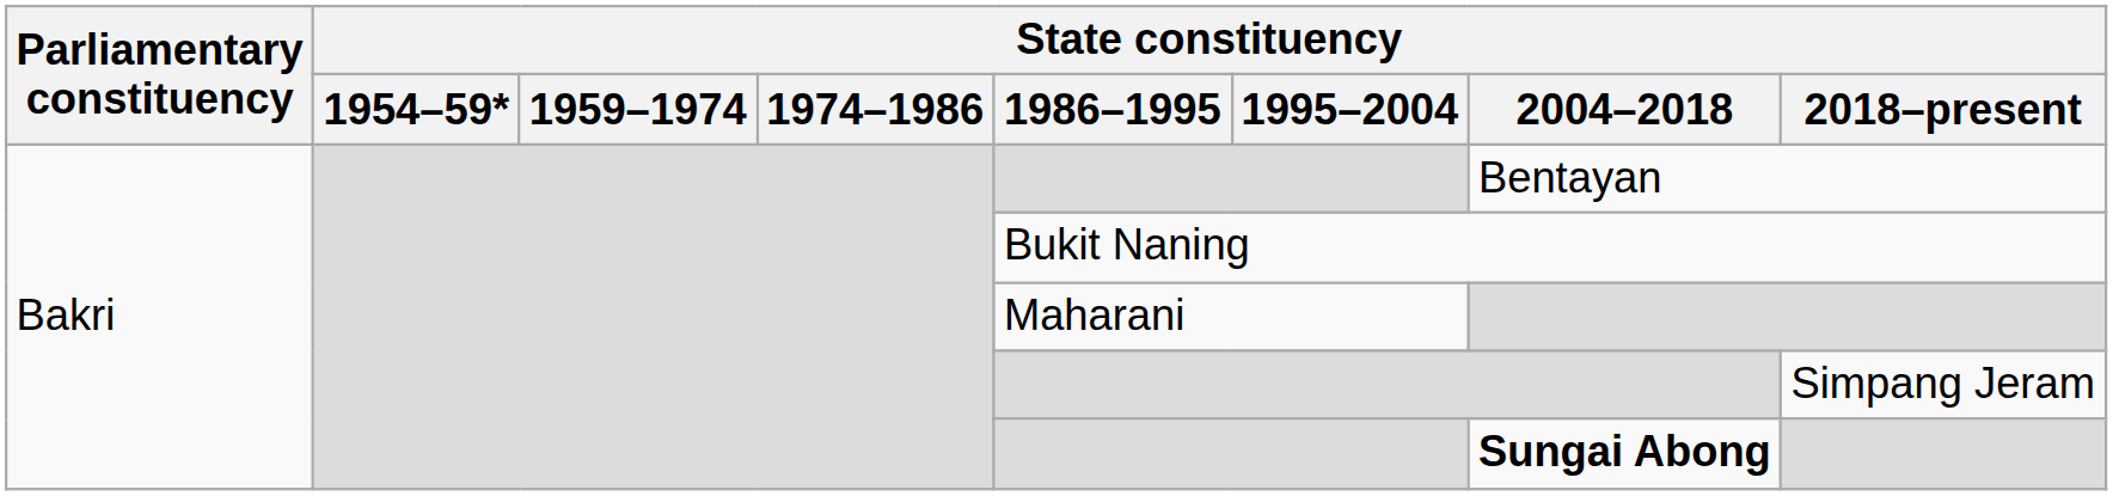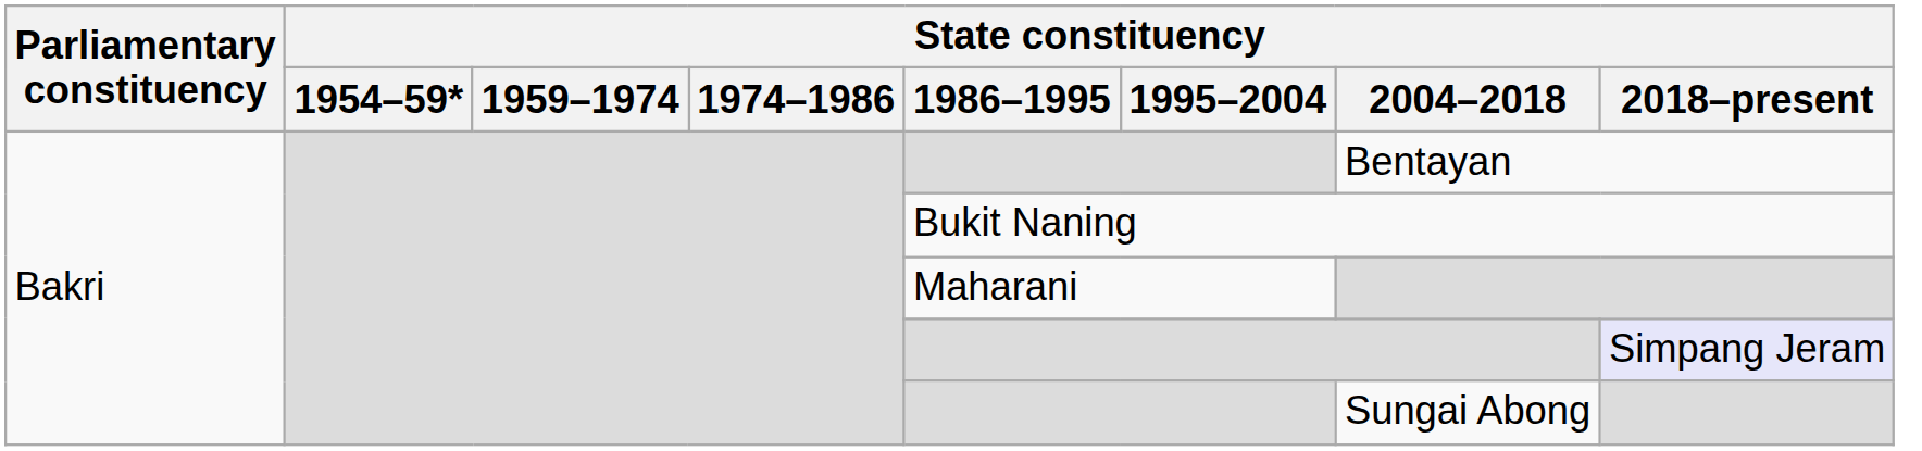 <table class="wikitable">
 <tr>
 <th rowspan="2">Parliamentary<br>constituency</th>
 <th colspan="7">State constituency</th>
 </tr>
 <tr>
 <th>1954–59*</th>
 <th>1959–1974</th>
 <th>1974–1986</th>
 <th>1986–1995</th>
 <th>1995–2004</th>
 <th>2004–2018</th>
 <th>2018–present</th>
 </tr>
 <tr>
 <td rowspan="5">Bakri</td>
 <td colspan="3" rowspan="5" bgcolor="dcdcdc"></td>
 <td colspan="2" bgcolor="dcdcdc"></td>
 <td colspan="2">Bentayan</td>
 </tr>
 <tr>
 <td colspan="4">Bukit Naning</td>
 </tr>
 <tr>
 <td colspan="2">Maharani</td>
 <td colspan="2" bgcolor="dcdcdc"></td>
 </tr>
 <tr>
 <td colspan="3" bgcolor="dcdcdc"></td>
-<td>Simpang Jeram</td>
+<td style="background: lavender;">Simpang Jeram</td>
 </tr>
 <tr>
 <td colspan="2" bgcolor="dcdcdc"></td>
-<td><strong>Sungai Abong</strong></td>
+<td>Sungai Abong</td>
 <td bgcolor="dcdcdc"></td>
 </tr>
 </table>
